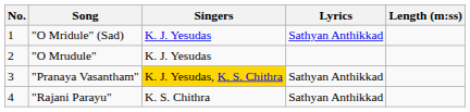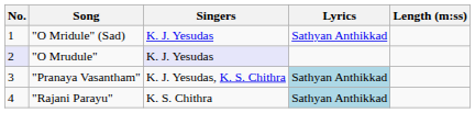 <table class="wikitable" style="font-size:95%;">
 <tr>
 <th>No.</th>
 <th>Song</th>
 <th>Singers</th>
 <th>Lyrics</th>
 <th>Length (m:ss)</th>
 </tr>
 <tr>
 <td>1</td>
 <td>"O Mridule" (Sad)</td>
 <td><a href='#'>K. J. Yesudas</a></td>
 <td><a href='#'>Sathyan Anthikkad</a></td>
 <td></td>
 </tr>
 <tr>
-<td>2</td>
+<td style="background: lavender;">2</td>
 <td>"O Mrudule"</td>
-<td>K. J. Yesudas</td>
+<td style="background: lavender;">K. J. Yesudas</td>
 <td Sathyan Anthikkad></td>
 </tr>
 <tr>
 <td>3</td>
 <td>"Pranaya Vasantham"</td>
-<td style="background: gold;">K. J. Yesudas, <a href='#'>K. S. Chithra</a></td>
-<td>Sathyan Anthikkad</td>
+<td>K. J. Yesudas, <a href='#'>K. S. Chithra</a></td>
+<td style="background: lightblue;">Sathyan Anthikkad</td>
 <td></td>
 </tr>
 <tr>
 <td>4</td>
 <td>"Rajani Parayu"</td>
 <td>K. S. Chithra</td>
-<td>Sathyan Anthikkad</td>
+<td style="background: lightblue;">Sathyan Anthikkad</td>
 <td></td>
 </tr>
 </table>
